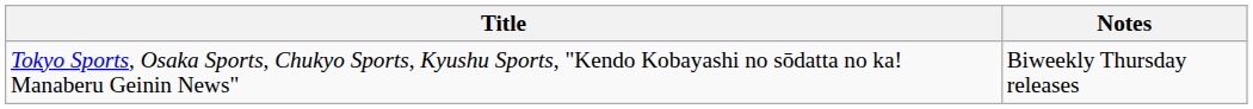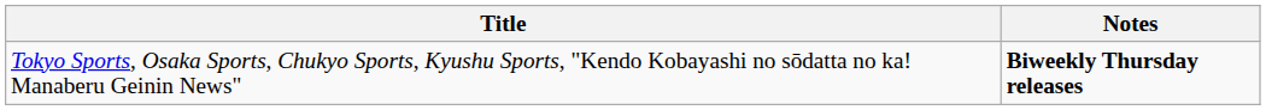 <table class="wikitable">
 <tr>
 <th>Title</th>
 <th>Notes</th>
 </tr>
 <tr>
 <td><em><a href='#'>Tokyo Sports</a></em>, <em>Osaka Sports</em>, <em>Chukyo Sports</em>, <em>Kyushu Sports</em>, "Kendo Kobayashi no sōdatta no ka! Manaberu Geinin News"</td>
-<td>Biweekly Thursday releases</td>
+<td><strong>Biweekly Thursday releases</strong></td>
 </tr>
 </table>
